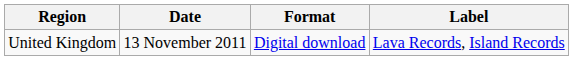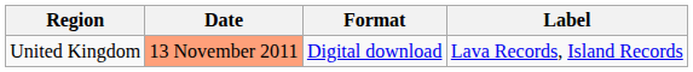 <table class="wikitable plainrowheaders">
 <tr>
 <th scope="col">Region</th>
 <th scope="col">Date</th>
 <th scope="col">Format</th>
 <th scope="col">Label</th>
 </tr>
 <tr>
 <td>United Kingdom</td>
-<td>13 November 2011</td>
+<td style="background: lightsalmon;">13 November 2011</td>
 <td><a href='#'>Digital download</a></td>
 <td><a href='#'>Lava Records</a>, <a href='#'>Island Records</a></td>
 </tr>
 <tr>
 </tr>
 </table>
